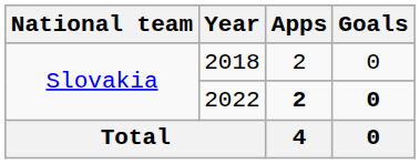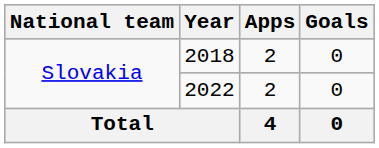 <table class="wikitable" style="text-align:center">
 <tr>
 <th>National team</th>
 <th>Year</th>
 <th>Apps</th>
 <th>Goals</th>
 </tr>
 <tr>
 <td rowspan="2"><a href='#'>Slovakia</a></td>
 <td>2018</td>
 <td>2</td>
 <td>0</td>
 </tr>
 <tr>
 <td>2022</td>
-<td><strong>2</strong></td>
-<td><strong>0</strong></td>
+<td>2</td>
+<td>0</td>
 </tr>
 <tr>
 <th colspan="2">Total</th>
 <th>4</th>
 <th>0</th>
 </tr>
 </table>
